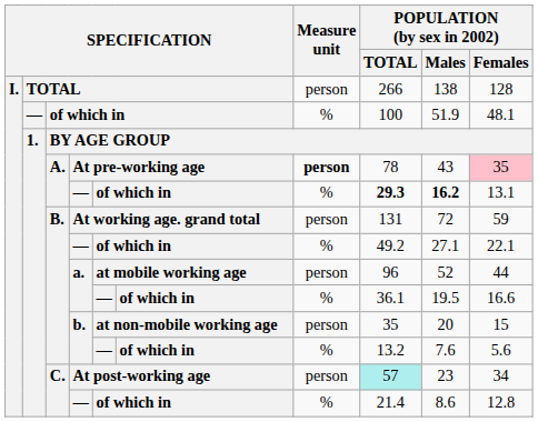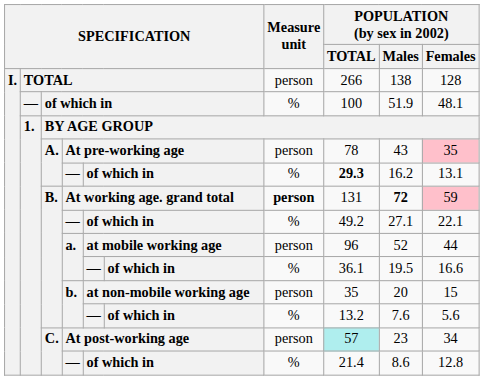 <table class="wikitable" style="font-size:85%; text-align:center">
 <tr>
 <th rowspan="2" colspan="6">SPECIFICATION</th>
 <th rowspan="2">Measure<br> unit</th>
 <th colspan="3" rowspan="1">POPULATION<br> (by sex in 2002)</th>
 </tr>
 <tr>
 <th>TOTAL</th>
 <th>Males</th>
 <th>Females</th>
 </tr>
 <tr>
 <th style="text-align:left" valign="top" rowspan="13">I.</th>
 <th style="text-align:left" colspan="5">TOTAL</th>
 <td>person</td>
 <td>266</td>
 <td>138</td>
 <td>128</td>
 </tr>
 <tr>
 <th style="text-align:left" valign="top">—</th>
 <th style="text-align:left" colspan="4">of which in</th>
 <td>%</td>
 <td>100</td>
 <td>51.9</td>
 <td>48.1</td>
 </tr>
 <tr>
 <th style="text-align:left" valign="top" rowspan="11">1.</th>
 <th style="text-align:left" colspan="19">BY AGE GROUP</th>
 </tr>
 <tr>
 <th style="text-align:left" valign="top" rowspan="2">A.</th>
 <th style="text-align:left" colspan="3">At pre-working age</th>
-<td><strong>person</strong></td>
+<td>person</td>
 <td>78</td>
 <td>43</td>
 <td style="background: pink;">35</td>
 </tr>
 <tr>
 <th style="text-align:left" valign="top">—</th>
 <th style="text-align:left" valign="top" colspan="2">of which in</th>
 <td>%</td>
 <td><strong>29.3</strong></td>
-<td><strong>16.2</strong></td>
+<td>16.2</td>
 <td>13.1</td>
 </tr>
 <tr>
 <th style="text-align:left" valign="top" rowspan="6">B.</th>
 <th style="text-align:left" colspan="3">At working age. grand total</th>
-<td>person</td>
+<td><strong>person</strong></td>
 <td>131</td>
-<td>72</td>
-<td>59</td>
+<td><strong>72</strong></td>
+<td style="background: pink;">59</td>
 </tr>
 <tr>
 <th style="text-align:left" valign="top">—</th>
 <th style="text-align:left" valign="top" colspan="2">of which in</th>
 <td>%</td>
 <td>49.2</td>
 <td>27.1</td>
 <td>22.1</td>
 </tr>
 <tr>
 <th style="text-align:left" valign="top" rowspan="2">a.</th>
 <th style="text-align:left" colspan="2">at mobile working age</th>
 <td>person</td>
 <td>96</td>
 <td>52</td>
 <td>44</td>
 </tr>
 <tr>
 <th style="text-align:left" valign="top">—</th>
 <th style="text-align:left" valign="top" colspan="1">of which in                        </th>
 <td>%</td>
 <td>36.1</td>
 <td>19.5</td>
 <td>16.6</td>
 </tr>
 <tr>
 <th style="text-align:left" valign="top" rowspan="2">b.</th>
 <th style="text-align:left" colspan="2">at non-mobile working age</th>
 <td>person</td>
 <td>35</td>
 <td>20</td>
 <td>15</td>
 </tr>
 <tr>
 <th style="text-align:left" valign="top">—</th>
 <th style="text-align:left" valign="top" colspan="1">of which in                        </th>
 <td>%</td>
 <td>13.2</td>
 <td>7.6</td>
 <td>5.6</td>
 </tr>
 <tr>
 <th style="text-align:left" valign="top" rowspan="2">C.</th>
 <th style="text-align:left" colspan="3">At post-working age</th>
 <td>person</td>
 <td style="background: paleturquoise;">57</td>
 <td>23</td>
 <td>34</td>
 </tr>
 <tr>
 <th style="text-align:left" valign="top">—</th>
 <th style="text-align:left" valign="top" colspan="2">of which in</th>
 <td>%</td>
 <td>21.4</td>
 <td>8.6</td>
 <td>12.8</td>
 </tr>
 </table>
